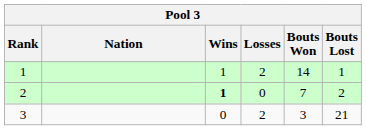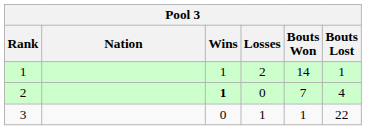 <table class="wikitable" style="text-align:center">
 <tr>
 <th colspan=6 align=center><strong>Pool 3</strong></th>
 </tr>
 <tr>
 <th width="20">Rank</th>
 <th width="190">Nation</th>
 <th width="20">Wins</th>
 <th width="20">Losses</th>
 <th width="20">Bouts Won</th>
 <th width="20">Bouts Lost</th>
 </tr>
 <tr bgcolor=ccffcc>
 <td>1</td>
 <td align=left></td>
 <td>1</td>
 <td>2</td>
 <td>14</td>
 <td>1</td>
 </tr>
 <tr bgcolor=ccffcc>
 <td>2</td>
 <td align=left></td>
 <td><strong>1</strong></td>
 <td>0</td>
 <td>7</td>
-<td>2</td>
+<td>4</td>
 </tr>
 <tr>
 <td>3</td>
 <td align=left></td>
 <td>0</td>
-<td>2</td>
-<td>3</td>
-<td>21</td>
+<td>1</td>
+<td>1</td>
+<td>22</td>
 </tr>
 </table>
